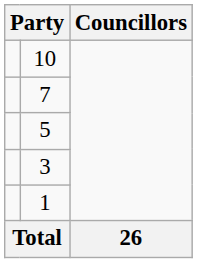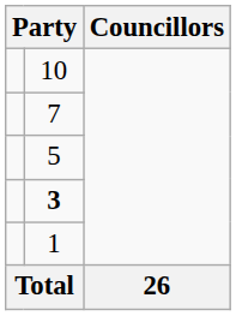 <table class="wikitable">
 <tr>
 <th colspan=2>Party</th>
 <th>Councillors</th>
 </tr>
 <tr>
 <td></td>
 <td align=center>10</td>
 </tr>
 <tr>
 <td></td>
 <td align=center>7</td>
 </tr>
 <tr>
 <td></td>
 <td align=center>5</td>
 </tr>
 <tr>
 <td></td>
-<td align=center>3</td>
+<td align=center><strong>3</strong></td>
 </tr>
 <tr>
 <td></td>
 <td align=center>1</td>
 </tr>
 <tr>
 <th colspan=2>Total</th>
 <th align=center>26</th>
 </tr>
 </table>
